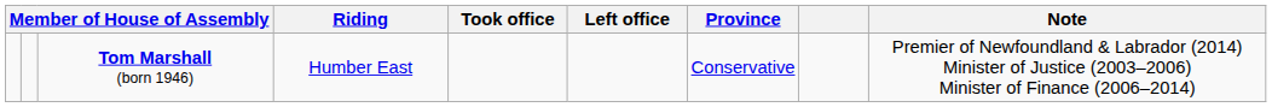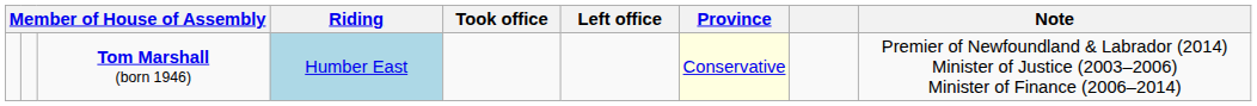 <table class="wikitable sortable plainrowheaders" style="text-align:center">
 <tr>
 <th colspan="3" class=unsortable><a href='#'>Member of House of Assembly</a></th>
 <th scope="col" width=150px><a href='#'>Riding</a></th>
 <th scope="col" width=100px>Took office</th>
 <th scope="col" width=100px>Left office</th>
 <th scope="col" width=70px><a href='#'>Province</a></th>
 <th scope="col" class=unsortable width=55px></th>
 <th scope="col" class=unsortable width=350px>Note</th>
 </tr>
 <tr>
 <td style="background:"></td>
 <td></td>
 <td><strong><a href='#'>Tom Marshall</a></strong><br><small>(born 1946)</small></td>
-<td><a href='#'>Humber East</a></td>
+<td style="background: lightblue;"><a href='#'>Humber East</a></td>
 <td></td>
 <td></td>
-<td><a href='#'>Conservative</a></td>
+<td style="background: lightyellow;"><a href='#'>Conservative</a></td>
 <td></td>
 <td>Premier of Newfoundland & Labrador (2014)<br>Minister of Justice (2003–2006)<br>Minister of Finance (2006–2014)</td>
 </tr>
 </table>
